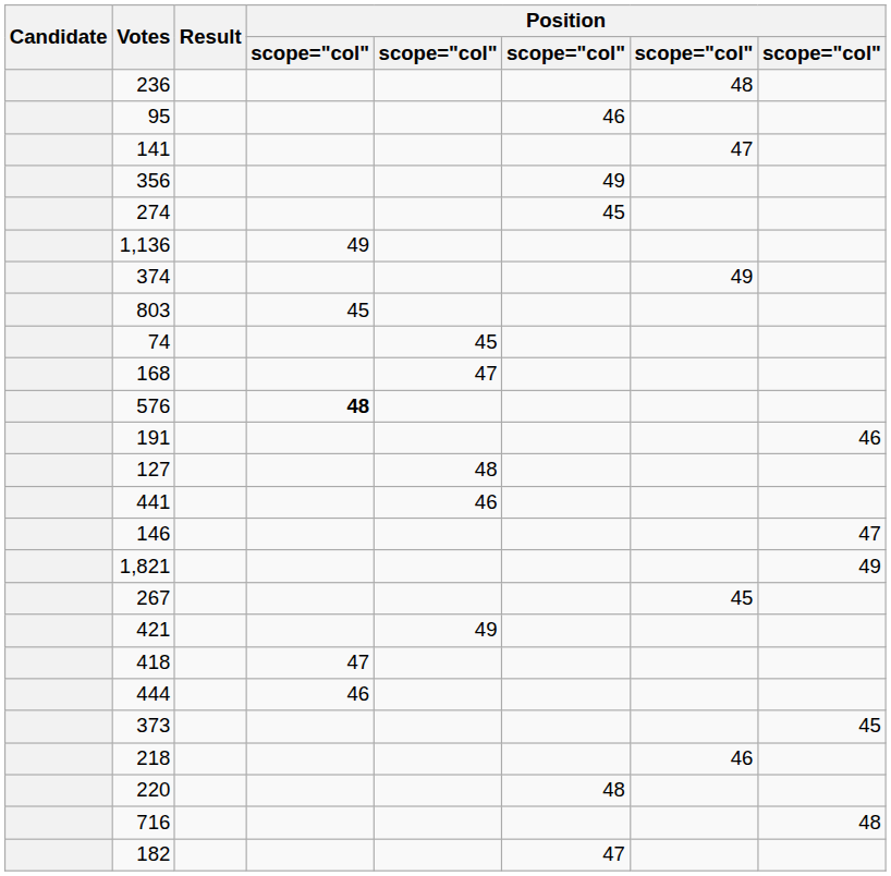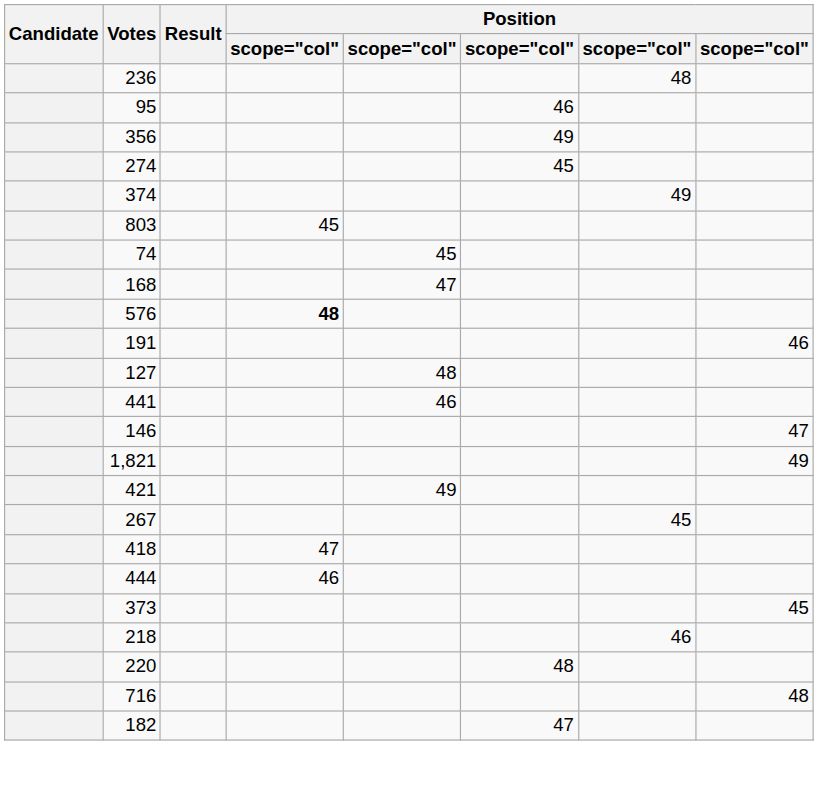 <table class="wikitable sortable">
 <tr>
 <th scope="col" rowspan="2">Candidate</th>
 <th scope="col" rowspan="2">Votes</th>
 <th scope="col" rowspan="2">Result</th>
 <th scope="col" colspan="5">Position</th>
 </tr>
 <tr>
 <th>scope="col" </th>
 <th>scope="col" </th>
 <th>scope="col" </th>
 <th>scope="col" </th>
 <th>scope="col" </th>
 </tr>
 <tr>
 <th scope="row"></th>
 <td style="text-align:right">236</td>
 <td></td>
 <td></td>
 <td></td>
 <td></td>
 <td style="text-align:right">48</td>
 <td></td>
 </tr>
 <tr>
 <th scope="row"></th>
 <td style="text-align:right">95</td>
 <td></td>
 <td></td>
 <td></td>
 <td style="text-align:right">46</td>
 <td></td>
 <td></td>
 </tr>
 <tr>
 <th scope="row"></th>
-<td style="text-align:right">141</td>
-<td></td>
-<td></td>
-<td></td>
-<td></td>
-<td style="text-align:right">47</td>
-<td></td>
-</tr>
-<tr>
-<th scope="row"></th>
 <td style="text-align:right">356</td>
 <td></td>
 <td></td>
 <td></td>
 <td style="text-align:right">49</td>
 <td></td>
 <td></td>
 </tr>
 <tr>
 <th scope="row"></th>
 <td style="text-align:right">274</td>
 <td></td>
 <td></td>
 <td></td>
 <td style="text-align:right">45</td>
-<td></td>
-<td></td>
-</tr>
-<tr>
-<th scope="row"></th>
-<td style="text-align:right">1,136</td>
-<td></td>
-<td style="text-align:right">49</td>
-<td></td>
-<td></td>
 <td></td>
 <td></td>
 </tr>
 <tr>
 <th scope="row"></th>
 <td style="text-align:right">374</td>
 <td></td>
 <td></td>
 <td></td>
 <td></td>
 <td style="text-align:right">49</td>
 <td></td>
 </tr>
 <tr>
 <th scope="row"></th>
 <td style="text-align:right">803</td>
 <td></td>
 <td style="text-align:right">45</td>
 <td></td>
 <td></td>
 <td></td>
 <td></td>
 </tr>
 <tr>
 <th scope="row"></th>
 <td style="text-align:right">74</td>
 <td></td>
 <td></td>
 <td style="text-align:right">45</td>
 <td></td>
 <td></td>
 <td></td>
 </tr>
 <tr>
 <th scope="row"></th>
 <td style="text-align:right">168</td>
 <td></td>
 <td></td>
 <td style="text-align:right">47</td>
 <td></td>
 <td></td>
 <td></td>
 </tr>
 <tr>
 <th scope="row"></th>
 <td style="text-align:right">576</td>
 <td></td>
 <td style="text-align:right"><strong>48</strong></td>
 <td></td>
 <td></td>
 <td></td>
 <td></td>
 </tr>
 <tr>
 <th scope="row"></th>
 <td style="text-align:right">191</td>
 <td></td>
 <td></td>
 <td></td>
 <td></td>
 <td></td>
 <td style="text-align:right">46</td>
 </tr>
 <tr>
 <th scope="row"></th>
 <td style="text-align:right">127</td>
 <td></td>
 <td></td>
 <td style="text-align:right">48</td>
 <td></td>
 <td></td>
 <td></td>
 </tr>
 <tr>
 <th scope="row"></th>
 <td style="text-align:right">441</td>
 <td></td>
 <td></td>
 <td style="text-align:right">46</td>
 <td></td>
 <td></td>
 <td></td>
 </tr>
 <tr>
 <th scope="row"></th>
 <td style="text-align:right">146</td>
 <td></td>
 <td></td>
 <td></td>
 <td></td>
 <td></td>
 <td style="text-align:right">47</td>
 </tr>
 <tr>
 <th scope="row"></th>
 <td style="text-align:right">1,821</td>
 <td></td>
 <td></td>
 <td></td>
 <td></td>
 <td></td>
 <td style="text-align:right">49</td>
 </tr>
 <tr>
 <th scope="row"></th>
+<td style="text-align:right">421</td>
+<td></td>
+<td></td>
+<td style="text-align:right">49</td>
+<td></td>
+<td></td>
+<td></td>
+</tr>
+<tr>
+<th scope="row"></th>
 <td style="text-align:right">267</td>
 <td></td>
 <td></td>
 <td></td>
 <td></td>
 <td style="text-align:right">45</td>
-<td></td>
-</tr>
-<tr>
-<th scope="row"></th>
-<td style="text-align:right">421</td>
-<td></td>
-<td></td>
-<td style="text-align:right">49</td>
-<td></td>
-<td></td>
 <td></td>
 </tr>
 <tr>
 <th scope="row"></th>
 <td style="text-align:right">418</td>
 <td></td>
 <td style="text-align:right">47</td>
 <td></td>
 <td></td>
 <td></td>
 <td></td>
 </tr>
 <tr>
 <th scope="row"></th>
 <td style="text-align:right">444</td>
 <td></td>
 <td style="text-align:right">46</td>
 <td></td>
 <td></td>
 <td></td>
 <td></td>
 </tr>
 <tr>
 <th scope="row"></th>
 <td style="text-align:right">373</td>
 <td></td>
 <td></td>
 <td></td>
 <td></td>
 <td></td>
 <td style="text-align:right">45</td>
 </tr>
 <tr>
 <th scope="row"></th>
 <td style="text-align:right">218</td>
 <td></td>
 <td></td>
 <td></td>
 <td></td>
 <td style="text-align:right">46</td>
 <td></td>
 </tr>
 <tr>
 <th scope="row"></th>
 <td style="text-align:right">220</td>
 <td></td>
 <td></td>
 <td></td>
 <td style="text-align:right">48</td>
 <td></td>
 <td></td>
 </tr>
 <tr>
 <th scope="row"></th>
 <td style="text-align:right">716</td>
 <td></td>
 <td></td>
 <td></td>
 <td></td>
 <td></td>
 <td style="text-align:right">48</td>
 </tr>
 <tr>
 <th scope="row"></th>
 <td style="text-align:right">182</td>
 <td></td>
 <td></td>
 <td></td>
 <td style="text-align:right">47</td>
 <td></td>
 <td></td>
 </tr>
 </table>
